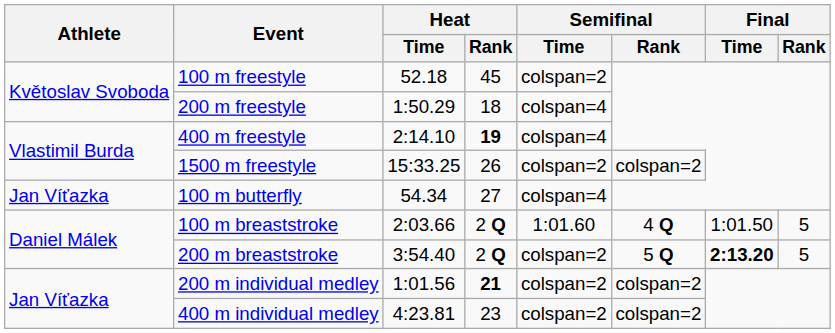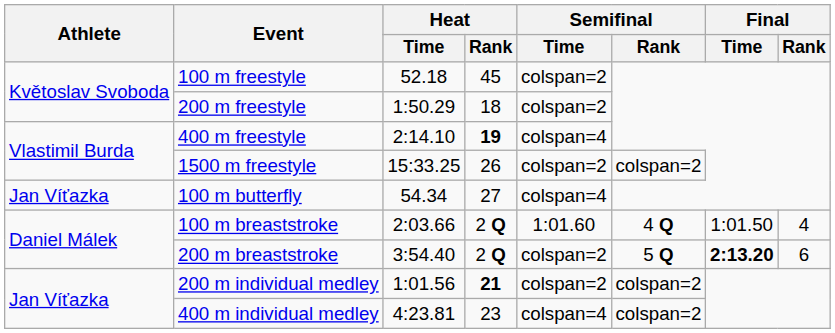 <table class=wikitable style=font-size:90%;text-align:center>
 <tr>
 <th rowspan=2>Athlete</th>
 <th rowspan=2>Event</th>
 <th colspan=2>Heat</th>
 <th colspan=2>Semifinal</th>
 <th colspan=2>Final</th>
 </tr>
 <tr style=font-size:95%>
 <th>Time</th>
 <th>Rank</th>
 <th>Time</th>
 <th>Rank</th>
 <th>Time</th>
 <th>Rank</th>
 </tr>
 <tr>
 <td align=left rowspan=2><a href='#'>Květoslav Svoboda</a></td>
 <td align=left><a href='#'>100 m freestyle</a></td>
 <td>52.18</td>
 <td>45</td>
 <td>colspan=2 </td>
 </tr>
 <tr>
 <td align=left><a href='#'>200 m freestyle</a></td>
 <td>1:50.29</td>
 <td>18</td>
-<td>colspan=4 </td>
+<td>colspan=2 </td>
 </tr>
 <tr>
 <td align=left rowspan=2><a href='#'>Vlastimil Burda</a></td>
 <td align=left><a href='#'>400 m freestyle</a></td>
 <td>2:14.10</td>
 <td><strong>19</strong></td>
 <td>colspan=4 </td>
 </tr>
 <tr>
 <td align=left><a href='#'>1500 m freestyle</a></td>
 <td>15:33.25</td>
 <td>26</td>
 <td>colspan=2 </td>
 <td>colspan=2 </td>
 </tr>
 <tr>
 <td align=left><a href='#'>Jan Víťazka</a></td>
 <td align=left><a href='#'>100 m butterfly</a></td>
 <td>54.34</td>
 <td>27</td>
 <td>colspan=4 </td>
 </tr>
 <tr>
 <td align=left rowspan=2><a href='#'>Daniel Málek</a></td>
 <td align=left><a href='#'>100 m breaststroke</a></td>
 <td>2:03.66</td>
 <td>2 <strong>Q</strong></td>
 <td>1:01.60</td>
 <td>4 <strong>Q</strong></td>
 <td>1:01.50</td>
-<td>5</td>
+<td>4</td>
 </tr>
 <tr>
 <td align=left><a href='#'>200 m breaststroke</a></td>
 <td>3:54.40</td>
 <td>2 <strong>Q</strong></td>
 <td>colspan=2 </td>
 <td>5 <strong>Q</strong></td>
 <td><strong>2:13.20</strong></td>
-<td>5</td>
+<td>6</td>
 </tr>
 <tr>
 <td align=left rowspan=2><a href='#'>Jan Víťazka</a></td>
 <td align=left><a href='#'>200 m individual medley</a></td>
 <td>1:01.56</td>
 <td><strong>21</strong></td>
 <td>colspan=2 </td>
 <td>colspan=2 </td>
 </tr>
 <tr>
 <td align=left><a href='#'>400 m individual medley</a></td>
 <td>4:23.81</td>
 <td>23</td>
-<td>colspan=2 </td>
+<td>colspan=4 </td>
 <td>colspan=2 </td>
 </tr>
 </table>
